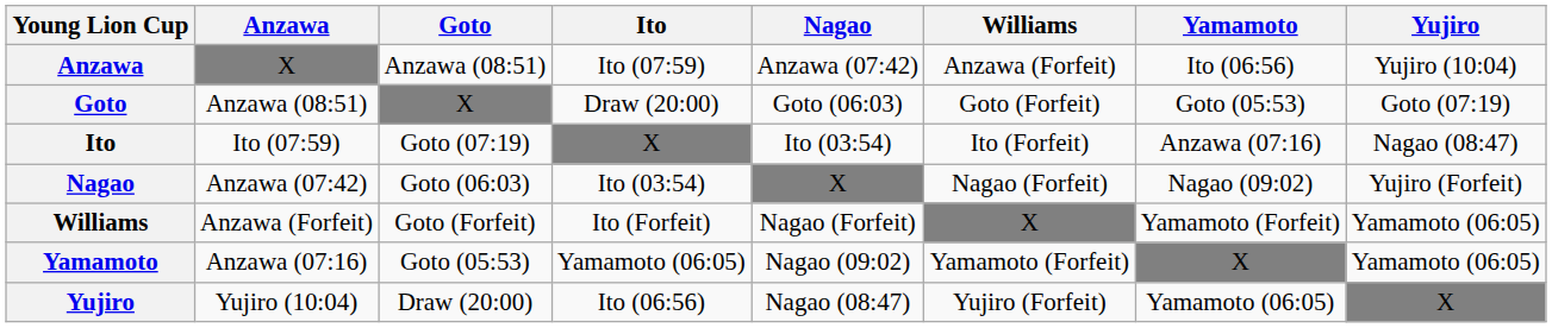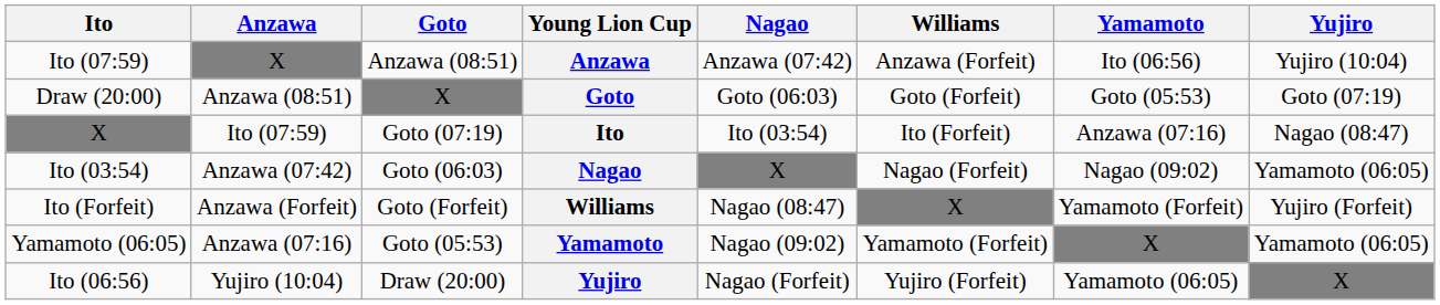 <table class="wikitable" style="margin: 1em auto 1em auto">
 <tr align="center">
-<th>Young Lion Cup</th>
+<th>Ito</th>
 <th><a href='#'>Anzawa</a></th>
 <th><a href='#'>Goto</a></th>
-<th>Ito</th>
+<th>Young Lion Cup</th>
 <th><a href='#'>Nagao</a></th>
 <th>Williams</th>
 <th><a href='#'>Yamamoto</a></th>
 <th><a href='#'>Yujiro</a></th>
 </tr>
 <tr align="center">
-<th><a href='#'>Anzawa</a></th>
+<td>Ito (07:59)</td>
 <td bgcolor=grey>X</td>
 <td>Anzawa (08:51)</td>
-<td>Ito (07:59)</td>
+<th><a href='#'>Anzawa</a></th>
 <td>Anzawa (07:42)</td>
 <td>Anzawa (Forfeit)</td>
 <td>Ito (06:56)</td>
 <td>Yujiro (10:04)</td>
 </tr>
 <tr align="center">
-<th><a href='#'>Goto</a></th>
+<td>Draw (20:00)</td>
 <td>Anzawa (08:51)</td>
 <td bgcolor=grey>X</td>
-<td>Draw (20:00)</td>
+<th><a href='#'>Goto</a></th>
 <td>Goto (06:03)</td>
 <td>Goto (Forfeit)</td>
 <td>Goto (05:53)</td>
 <td>Goto (07:19)</td>
 </tr>
 <tr align="center">
-<th>Ito</th>
+<td bgcolor=grey>X</td>
 <td>Ito (07:59)</td>
 <td>Goto (07:19)</td>
-<td bgcolor=grey>X</td>
+<th>Ito</th>
 <td>Ito (03:54)</td>
 <td>Ito (Forfeit)</td>
 <td>Anzawa (07:16)</td>
 <td>Nagao (08:47)</td>
 </tr>
 <tr align="center">
-<th><a href='#'>Nagao</a></th>
+<td>Ito (03:54)</td>
 <td>Anzawa (07:42)</td>
 <td>Goto (06:03)</td>
-<td>Ito (03:54)</td>
+<th><a href='#'>Nagao</a></th>
 <td bgcolor=grey>X</td>
 <td>Nagao (Forfeit)</td>
 <td>Nagao (09:02)</td>
+<td>Yamamoto (06:05)</td>
+</tr>
+<tr align="center">
+<td>Ito (Forfeit)</td>
+<td>Anzawa (Forfeit)</td>
+<td>Goto (Forfeit)</td>
+<th>Williams</th>
+<td>Nagao (08:47)</td>
+<td bgcolor=grey>X</td>
+<td>Yamamoto (Forfeit)</td>
 <td>Yujiro (Forfeit)</td>
 </tr>
 <tr align="center">
-<th>Williams</th>
-<td>Anzawa (Forfeit)</td>
-<td>Goto (Forfeit)</td>
-<td>Ito (Forfeit)</td>
-<td>Nagao (Forfeit)</td>
-<td bgcolor=grey>X</td>
-<td>Yamamoto (Forfeit)</td>
 <td>Yamamoto (06:05)</td>
-</tr>
-<tr align="center">
-<th><a href='#'>Yamamoto</a></th>
 <td>Anzawa (07:16)</td>
 <td>Goto (05:53)</td>
-<td>Yamamoto (06:05)</td>
+<th><a href='#'>Yamamoto</a></th>
 <td>Nagao (09:02)</td>
 <td>Yamamoto (Forfeit)</td>
 <td bgcolor=grey>X</td>
 <td>Yamamoto (06:05)</td>
 </tr>
 <tr align="center">
-<th><a href='#'>Yujiro</a></th>
+<td>Ito (06:56)</td>
 <td>Yujiro (10:04)</td>
 <td>Draw (20:00)</td>
-<td>Ito (06:56)</td>
-<td>Nagao (08:47)</td>
+<th><a href='#'>Yujiro</a></th>
+<td>Nagao (Forfeit)</td>
 <td>Yujiro (Forfeit)</td>
 <td>Yamamoto (06:05)</td>
 <td bgcolor=grey>X</td>
 </tr>
 </table>
